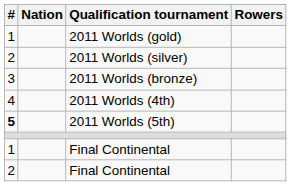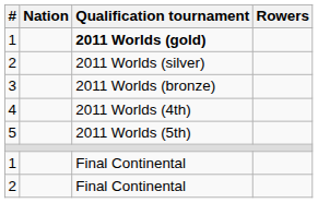 <table class="wikitable">
 <tr>
 <th>#</th>
 <th>Nation</th>
 <th>Qualification tournament</th>
 <th>Rowers</th>
 </tr>
 <tr>
 <td>1</td>
 <td></td>
-<td>2011 Worlds (gold)</td>
+<td><strong>2011 Worlds (gold)</strong></td>
 <td></td>
 </tr>
 <tr>
 <td>2</td>
 <td></td>
 <td>2011 Worlds (silver)</td>
 <td></td>
 </tr>
 <tr>
 <td>3</td>
 <td></td>
 <td>2011 Worlds (bronze)</td>
 <td></td>
 </tr>
 <tr>
 <td>4</td>
 <td></td>
 <td>2011 Worlds (4th)</td>
 <td></td>
 </tr>
 <tr>
-<td><strong>5</strong></td>
+<td>5</td>
 <td></td>
 <td>2011 Worlds (5th)</td>
 <td></td>
 </tr>
 <tr bgcolor=#DDDDDD>
 <td colspan=4></td>
 </tr>
 <tr>
 <td>1</td>
 <td></td>
 <td>Final Continental</td>
 <td></td>
 </tr>
 <tr>
 <td>2</td>
 <td></td>
 <td>Final Continental</td>
 <td></td>
 </tr>
 </table>
